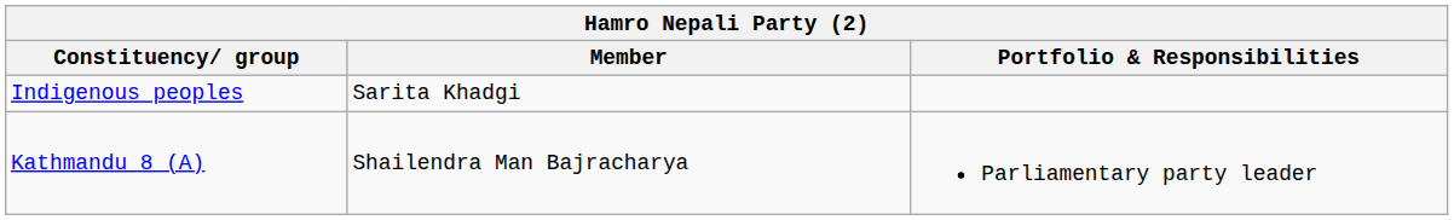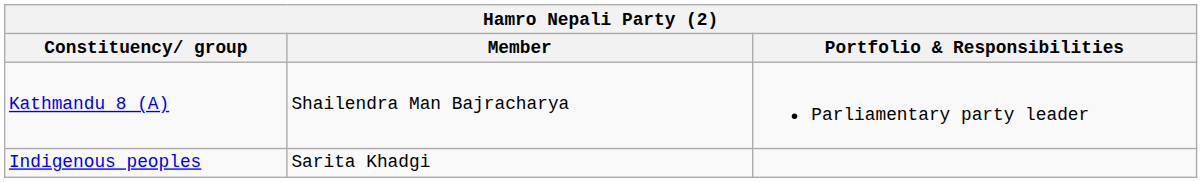 <table class="wikitable sortable">
 <tr>
 <th colspan="3" style="width: 800pt; background:">Hamro Nepali Party (2)</th>
 </tr>
 <tr>
 <th style="width:150pt;">Constituency/ group</th>
 <th style="width:250pt;">Member</th>
 <th>Portfolio & Responsibilities</th>
 </tr>
 <tr>
+<td><a href='#'>Kathmandu 8 (A)</a></td>
+<td>Shailendra Man Bajracharya</td>
+<td><br><ul><li>Parliamentary party leader</li></ul></td>
+</tr>
+<tr>
 <td><a href='#'>Indigenous peoples</a></td>
 <td>Sarita Khadgi</td>
 <td></td>
 </tr>
-<tr>
-<td><a href='#'>Kathmandu 8 (A)</a></td>
-<td>Shailendra Man Bajracharya</td>
-<td><br><ul><li>Parliamentary party leader</li></ul></td>
-</tr>
 </table>
